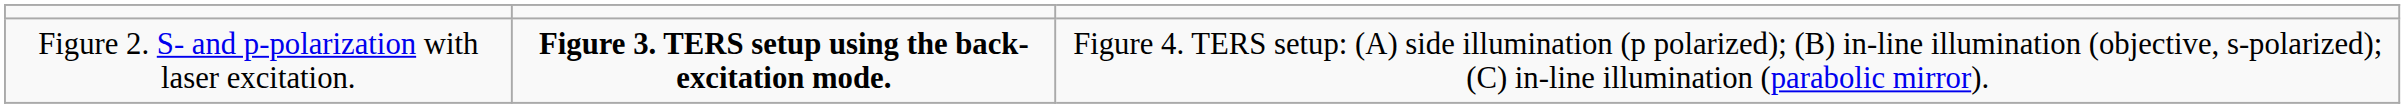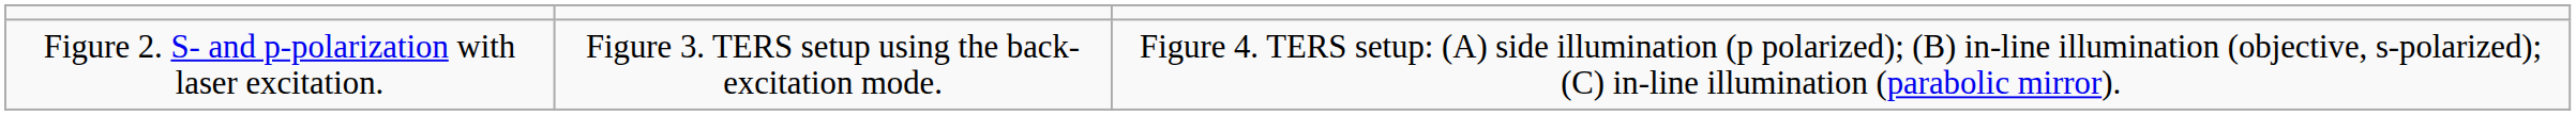 <table class="wikitable" style="text-align:center">
 <tr>
 <td></td>
 <td></td>
 <td></td>
 </tr>
 <tr>
 <td>Figure 2. <a href='#'>S- and p-polarization</a> with laser excitation.</td>
-<td><strong>Figure 3. TERS setup using the back-excitation mode.</strong></td>
+<td>Figure 3. TERS setup using the back-excitation mode.</td>
 <td>Figure 4. TERS setup: (A) side illumination (p polarized); (B) in-line illumination (objective, s-polarized); (C) in-line illumination (<a href='#'>parabolic mirror</a>).</td>
 </tr>
 </table>
